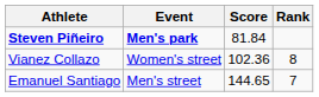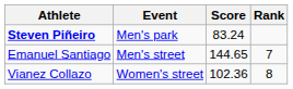 <table class=wikitable style=font-size:90%;text-align:center>
 <tr>
 <th>Athlete</th>
 <th>Event</th>
 <th>Score</th>
 <th>Rank</th>
 </tr>
 <tr align=center>
 <td align=left><strong><a href='#'>Steven Piñeiro⁣</a></strong></td>
-<td align=left><strong><a href='#'>Men's park</a></strong></td>
-<td>81.84</td>
+<td align=left><a href='#'>Men's park</a></td>
+<td>83.24</td>
 <td></td>
+</tr>
+<tr>
+<td align=left><a href='#'>Emanuel Santiago</a></td>
+<td align=left><a href='#'>Men's street</a></td>
+<td>144.65</td>
+<td>7</td>
 </tr>
 <tr>
 <td align=left><a href='#'>Vianez Collazo</a></td>
 <td align=left><a href='#'>Women's street</a></td>
 <td>102.36</td>
 <td>8</td>
 </tr>
-<tr>
-<td align=left><a href='#'>Emanuel Santiago</a></td>
-<td align=left><a href='#'>Men's street</a></td>
-<td>144.65</td>
-<td>7</td>
-</tr>
 </table>
